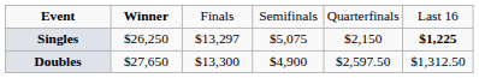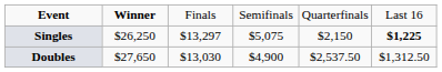 <table class=wikitable style="font-size:90%;text-align:center">
 <tr>
 <td style="width:104px;"><strong>Event</strong></td>
 <td style="width:68px;"><strong>Winner</strong></td>
 <td style="width:68px;">Finals</td>
 <td style="width:68px;">Semifinals</td>
 <td style="width:68px;">Quarterfinals</td>
 <td style="width:68px;">Last 16</td>
 </tr>
 <tr>
 <td style="background:#dfe2e9;"><strong>Singles</strong></td>
 <td>$26,250</td>
 <td>$13,297</td>
 <td>$5,075</td>
 <td>$2,150</td>
 <td><strong>$1,225</strong></td>
 </tr>
 <tr>
 <td style="background:#dfe2e9;"><strong>Doubles</strong></td>
 <td>$27,650</td>
-<td>$13,300</td>
+<td>$13,030</td>
 <td>$4,900</td>
-<td>$2,597.50</td>
+<td>$2,537.50</td>
 <td>$1,312.50</td>
 </tr>
 </table>
